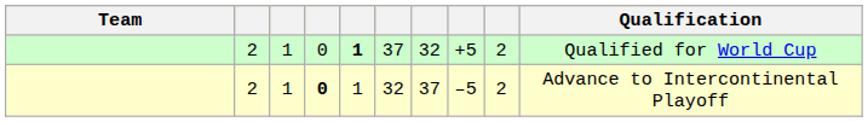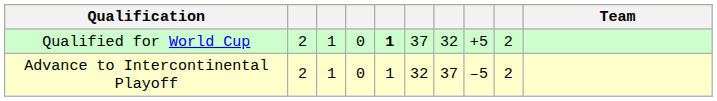 <table class="wikitable" style="text-align:center">
 <tr style="background:#bdb76b;">
-<th style="width:170px">Team</th>
+<th width="250">Qualification</th>
 <th width="20"></th>
 <th width="20"></th>
 <th width="20"></th>
 <th width="20"></th>
 <th width="20"></th>
 <th width="20"></th>
 <th width="20"></th>
 <th width="20"></th>
-<th width="250">Qualification</th>
+<th style="width:170px">Team</th>
 </tr>
 <tr style="background:#cfc;">
-<td style="text-align:left;"></td>
+<td>Qualified for <a href='#'>World Cup</a></td>
 <td>2</td>
 <td>1</td>
 <td>0</td>
 <td><strong>1</strong></td>
 <td>37</td>
 <td>32</td>
 <td>+5</td>
 <td>2</td>
-<td>Qualified for <a href='#'>World Cup</a></td>
+<td style="text-align:left;"></td>
 </tr>
 <tr style="background:#ffc">
-<td style="text-align:left;"></td>
+<td>Advance to Intercontinental Playoff</td>
 <td>2</td>
 <td>1</td>
-<td><strong>0</strong></td>
+<td>0</td>
 <td>1</td>
 <td>32</td>
 <td>37</td>
 <td>–5</td>
 <td>2</td>
-<td>Advance to Intercontinental Playoff</td>
+<td style="text-align:left;"></td>
 </tr>
 </table>
